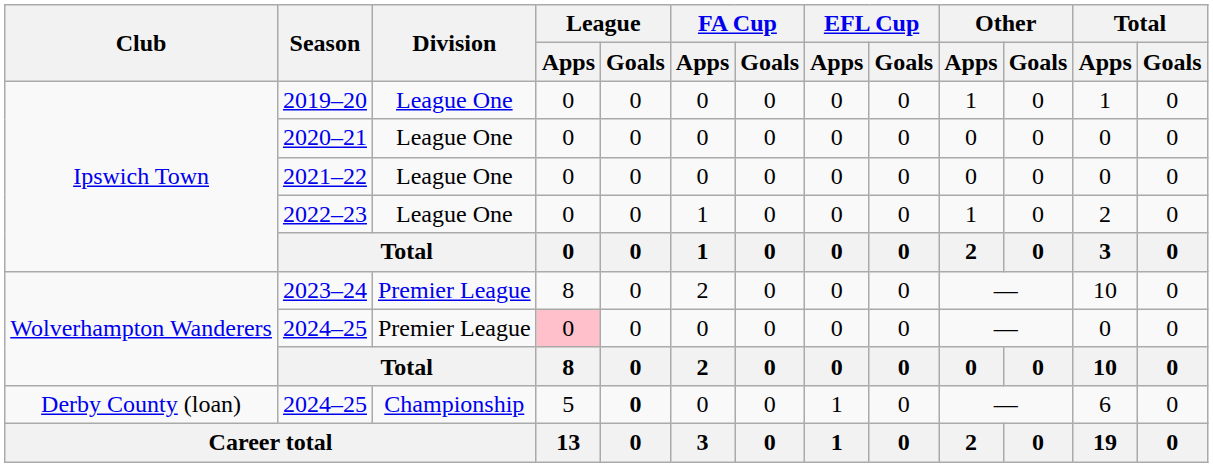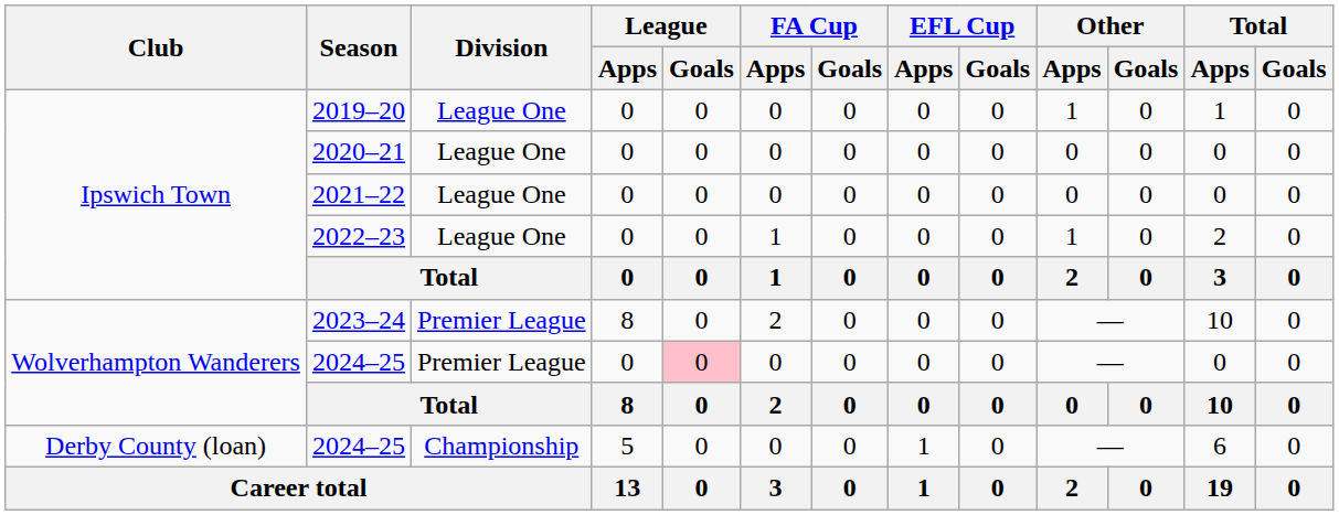 <table class="wikitable" style="text-align:center">
 <tr>
 <th rowspan="2">Club</th>
 <th rowspan="2">Season</th>
 <th rowspan="2">Division</th>
 <th colspan="2">League</th>
 <th colspan="2"><a href='#'>FA Cup</a></th>
 <th colspan="2"><a href='#'>EFL Cup</a></th>
 <th colspan="2">Other</th>
 <th colspan="2">Total</th>
 </tr>
 <tr>
 <th>Apps</th>
 <th>Goals</th>
 <th>Apps</th>
 <th>Goals</th>
 <th>Apps</th>
 <th>Goals</th>
 <th>Apps</th>
 <th>Goals</th>
 <th>Apps</th>
 <th>Goals</th>
 </tr>
 <tr>
 <td rowspan=5><a href='#'>Ipswich Town</a></td>
 <td><a href='#'>2019–20</a></td>
 <td><a href='#'>League One</a></td>
 <td>0</td>
 <td>0</td>
 <td>0</td>
 <td>0</td>
 <td>0</td>
 <td>0</td>
 <td>1</td>
 <td>0</td>
 <td>1</td>
 <td>0</td>
 </tr>
 <tr>
 <td><a href='#'>2020–21</a></td>
 <td>League One</td>
 <td>0</td>
 <td>0</td>
 <td>0</td>
 <td>0</td>
 <td>0</td>
 <td>0</td>
 <td>0</td>
 <td>0</td>
 <td>0</td>
 <td>0</td>
 </tr>
 <tr>
 <td><a href='#'>2021–22</a></td>
 <td>League One</td>
 <td>0</td>
 <td>0</td>
 <td>0</td>
 <td>0</td>
 <td>0</td>
 <td>0</td>
 <td>0</td>
 <td>0</td>
 <td>0</td>
 <td>0</td>
 </tr>
 <tr>
 <td><a href='#'>2022–23</a></td>
 <td>League One</td>
 <td>0</td>
 <td>0</td>
 <td>1</td>
 <td>0</td>
 <td>0</td>
 <td>0</td>
 <td>1</td>
 <td>0</td>
 <td>2</td>
 <td>0</td>
 </tr>
 <tr>
 <th colspan=2>Total</th>
 <th>0</th>
 <th>0</th>
 <th>1</th>
 <th>0</th>
 <th>0</th>
 <th>0</th>
 <th>2</th>
 <th>0</th>
 <th>3</th>
 <th>0</th>
 </tr>
 <tr>
 <td rowspan=3><a href='#'>Wolverhampton Wanderers</a></td>
 <td><a href='#'>2023–24</a></td>
 <td><a href='#'>Premier League</a></td>
 <td>8</td>
 <td>0</td>
 <td>2</td>
 <td>0</td>
 <td>0</td>
 <td>0</td>
 <td colspan="2">—</td>
 <td>10</td>
 <td>0</td>
 </tr>
 <tr>
 <td><a href='#'>2024–25</a></td>
 <td>Premier League</td>
+<td>0</td>
 <td style="background: pink;">0</td>
-<td>0</td>
 <td>0</td>
 <td>0</td>
 <td>0</td>
 <td>0</td>
 <td colspan="2">—</td>
 <td>0</td>
 <td>0</td>
 </tr>
 <tr>
 <th colspan=2>Total</th>
 <th>8</th>
 <th>0</th>
 <th>2</th>
 <th>0</th>
 <th>0</th>
 <th>0</th>
 <th>0</th>
 <th>0</th>
 <th>10</th>
 <th>0</th>
 </tr>
 <tr>
 <td><a href='#'>Derby County</a> (loan)</td>
 <td><a href='#'>2024–25</a></td>
 <td><a href='#'>Championship</a></td>
 <td>5</td>
-<td><strong>0</strong></td>
+<td>0</td>
 <td>0</td>
 <td>0</td>
 <td>1</td>
 <td>0</td>
 <td colspan="2">—</td>
 <td>6</td>
 <td>0</td>
 </tr>
 <tr>
 <th colspan=3>Career total</th>
 <th>13</th>
 <th>0</th>
 <th>3</th>
 <th>0</th>
 <th>1</th>
 <th>0</th>
 <th>2</th>
 <th>0</th>
 <th>19</th>
 <th>0</th>
 </tr>
 </table>
